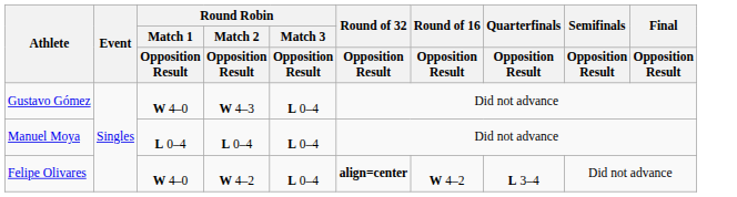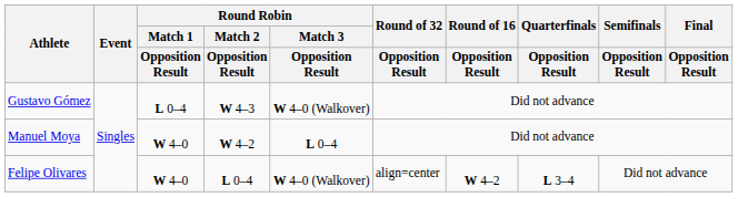 <table class="wikitable" border="1" style="font-size:90%">
 <tr>
 <th rowspan=3>Athlete</th>
 <th rowspan=3>Event</th>
 <th colspan=3>Round Robin</th>
 <th rowspan=2>Round of 32</th>
 <th rowspan=2>Round of 16</th>
 <th rowspan=2>Quarterfinals</th>
 <th rowspan=2>Semifinals</th>
 <th rowspan=2>Final</th>
 </tr>
 <tr>
 <th>Match 1</th>
 <th>Match 2</th>
 <th>Match 3</th>
 </tr>
 <tr>
 <th>Opposition<br>Result</th>
 <th>Opposition<br>Result</th>
 <th>Opposition<br>Result</th>
 <th>Opposition<br>Result</th>
 <th>Opposition<br>Result</th>
 <th>Opposition<br>Result</th>
 <th>Opposition<br>Result</th>
 <th>Opposition<br>Result</th>
 </tr>
 <tr>
 <td><a href='#'>Gustavo Gómez</a></td>
 <td rowspan=3><a href='#'>Singles</a></td>
-<td align=center><br><strong>W</strong> 4–0</td>
+<td align=center><br><strong>L</strong> 0–4</td>
 <td align=center><br><strong>W</strong> 4–3</td>
-<td align=center><br><strong>L</strong> 0–4</td>
+<td align=center><br><strong>W</strong> 4–0 (Walkover)</td>
 <td align=center colspan=5>Did not advance</td>
 </tr>
 <tr>
 <td><a href='#'>Manuel Moya</a></td>
-<td align=center><br><strong>L</strong> 0–4</td>
-<td align=center><br><strong>L</strong> 0–4</td>
+<td align=center><br><strong>W</strong> 4–0</td>
+<td align=center><br><strong>W</strong> 4–2</td>
 <td align=center><br><strong>L</strong> 0–4</td>
 <td align=center colspan=5>Did not advance</td>
 </tr>
 <tr>
 <td><a href='#'>Felipe Olivares</a></td>
 <td align=center><br><strong>W</strong> 4–0</td>
-<td align=center><br><strong>W</strong> 4–2</td>
 <td align=center><br><strong>L</strong> 0–4</td>
-<td><strong>align=center </strong></td>
+<td align=center><br><strong>W</strong> 4–0 (Walkover)</td>
+<td>align=center </td>
 <td align=center><br><strong>W</strong> 4–2</td>
 <td align=center><br><strong>L</strong> 3–4</td>
 <td align=center colspan=2>Did not advance</td>
 </tr>
 </table>
